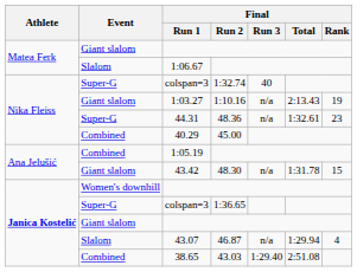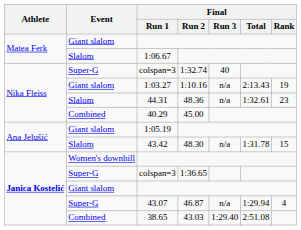 <table class="wikitable" style="font-size:90%">
 <tr>
 <th rowspan="2">Athlete</th>
 <th rowspan="2">Event</th>
 <th colspan="5">Final</th>
 </tr>
 <tr>
 <th>Run 1</th>
 <th>Run 2</th>
 <th>Run 3</th>
 <th>Total</th>
 <th>Rank</th>
 </tr>
 <tr>
 <td rowspan=2><a href='#'>Matea Ferk</a></td>
 <td><a href='#'>Giant slalom</a></td>
 <td colspan=5 align="center"></td>
 </tr>
 <tr>
 <td><a href='#'>Slalom</a></td>
 <td align="center">1:06.67</td>
 <td colspan=4 align="center"></td>
 </tr>
 <tr>
 <td rowspan=4><a href='#'>Nika Fleiss</a></td>
 <td><a href='#'>Super-G</a></td>
 <td>colspan=3 </td>
 <td align="center">1:32.74</td>
 <td align="center">40</td>
 </tr>
 <tr>
 <td><a href='#'>Giant slalom</a></td>
 <td align="center">1:03.27</td>
 <td align="center">1:10.16</td>
 <td align="center">n/a</td>
 <td align="center">2:13.43</td>
 <td align="center">19</td>
 </tr>
 <tr>
-<td><a href='#'>Super-G</a></td>
+<td><a href='#'>Slalom</a></td>
 <td align="center">44.31</td>
 <td align="center">48.36</td>
 <td align="center">n/a</td>
 <td align="center">1:32.61</td>
 <td align="center">23</td>
 </tr>
 <tr>
 <td><a href='#'>Combined</a></td>
 <td align="center">40.29</td>
 <td align="center">45.00</td>
 <td colspan=3 align="center"></td>
 </tr>
 <tr>
 <td rowspan=2><a href='#'>Ana Jelušić</a></td>
-<td><a href='#'>Combined</a></td>
+<td><a href='#'>Giant slalom</a></td>
 <td align="center">1:05.19</td>
 <td colspan=4 align="center"></td>
 </tr>
 <tr>
-<td><a href='#'>Giant slalom</a></td>
+<td><a href='#'>Slalom</a></td>
 <td align="center">43.42</td>
 <td align="center">48.30</td>
 <td align="center">n/a</td>
 <td align="center">1:31.78</td>
 <td align="center">15</td>
 </tr>
 <tr>
 <td rowspan=5><strong><a href='#'>Janica Kostelić</a></strong></td>
 <td><a href='#'>Women's downhill</a></td>
 <td colspan=5 align="center"></td>
 </tr>
 <tr>
 <td><a href='#'>Super-G</a></td>
 <td>colspan=3 </td>
 <td align="center">1:36.65</td>
 <td align="center"></td>
 </tr>
 <tr>
 <td><a href='#'>Giant slalom</a></td>
 <td colspan=5 align="center"></td>
 </tr>
 <tr>
-<td><a href='#'>Slalom</a></td>
+<td><a href='#'>Super-G</a></td>
 <td align="center">43.07</td>
 <td align="center">46.87</td>
 <td align="center">n/a</td>
 <td align="center">1:29.94</td>
 <td align="center">4</td>
 </tr>
 <tr>
 <td><a href='#'>Combined</a></td>
 <td align="center">38.65</td>
 <td align="center">43.03</td>
 <td align="center">1:29.40</td>
 <td align="center">2:51.08</td>
 <td align="center"></td>
 </tr>
 </table>
